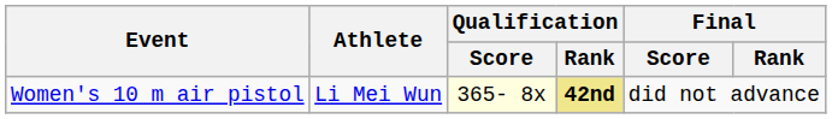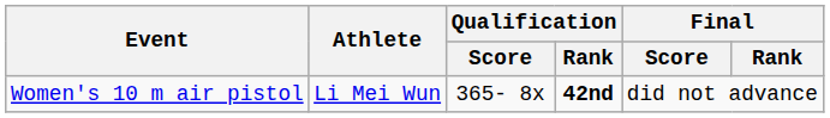 <table class="wikitable" style="font-size:90%">
 <tr>
 <th rowspan="2">Event</th>
 <th rowspan="2">Athlete</th>
 <th colspan="2">Qualification</th>
 <th colspan="2">Final</th>
 </tr>
 <tr>
 <th>Score</th>
 <th>Rank</th>
 <th>Score</th>
 <th>Rank</th>
 </tr>
 <tr>
 <td><a href='#'>Women's 10 m air pistol</a></td>
 <td><a href='#'>Li Mei Wun</a></td>
-<td align=center style="background: lightyellow;">365- 8x</td>
-<td align=center style="background: khaki;"><strong>42nd</strong></td>
+<td align=center>365- 8x</td>
+<td align=center><strong>42nd</strong></td>
 <td align=center colspan=2>did not advance</td>
 </tr>
 </table>
